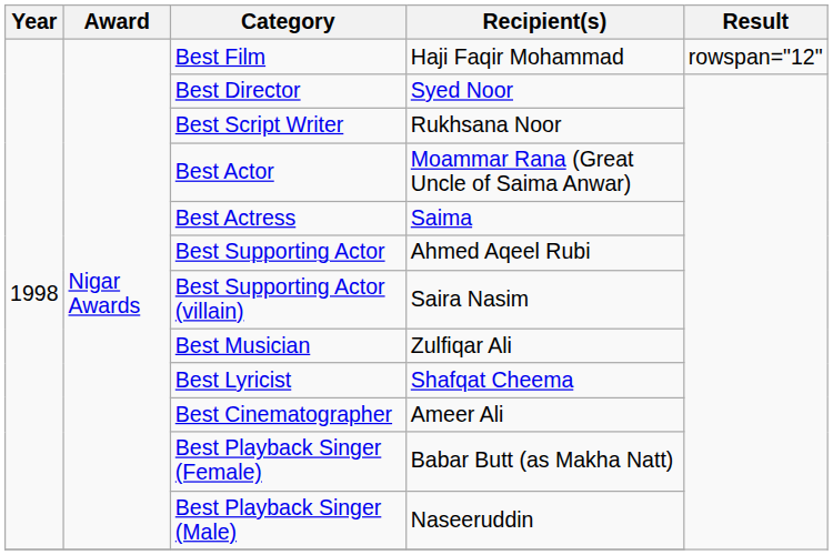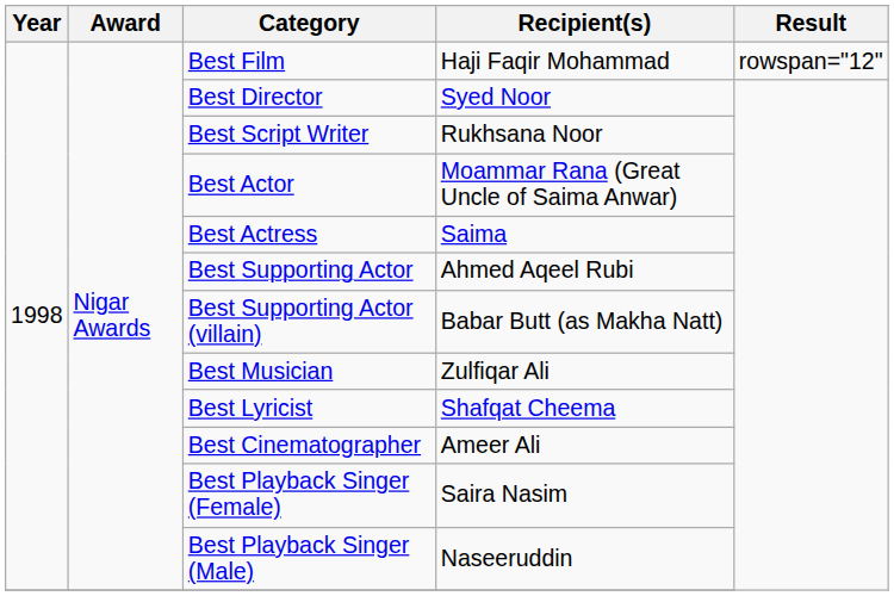 <table class="wikitable sortable">
 <tr>
 <th>Year</th>
 <th>Award</th>
 <th>Category</th>
 <th>Recipient(s)</th>
 <th>Result</th>
 </tr>
 <tr>
 <td rowspan="12">1998</td>
 <td rowspan="12"><a href='#'>Nigar Awards</a></td>
 <td><a href='#'>Best Film</a></td>
 <td>Haji Faqir Mohammad</td>
 <td>rowspan="12" </td>
 </tr>
 <tr>
 <td><a href='#'>Best Director</a></td>
 <td><a href='#'>Syed Noor</a></td>
 </tr>
 <tr>
 <td><a href='#'>Best Script Writer</a></td>
 <td>Rukhsana Noor</td>
 </tr>
 <tr>
 <td><a href='#'>Best Actor</a></td>
 <td><a href='#'>Moammar Rana</a> (Great Uncle of Saima Anwar)</td>
 </tr>
 <tr>
 <td><a href='#'>Best Actress</a></td>
 <td><a href='#'>Saima</a></td>
 </tr>
 <tr>
 <td><a href='#'>Best Supporting Actor</a></td>
 <td>Ahmed Aqeel Rubi</td>
 </tr>
 <tr>
 <td><a href='#'>Best Supporting Actor (villain)</a></td>
-<td>Saira Nasim</td>
+<td>Babar Butt (as Makha Natt)</td>
 </tr>
 <tr>
 <td><a href='#'>Best Musician</a></td>
 <td>Zulfiqar Ali</td>
 </tr>
 <tr>
 <td><a href='#'>Best Lyricist</a></td>
 <td><a href='#'>Shafqat Cheema</a></td>
 </tr>
 <tr>
 <td><a href='#'>Best Cinematographer</a></td>
 <td>Ameer Ali</td>
 </tr>
 <tr>
 <td><a href='#'>Best Playback Singer (Female)</a></td>
-<td>Babar Butt (as Makha Natt)</td>
+<td>Saira Nasim</td>
 </tr>
 <tr>
 <td><a href='#'>Best Playback Singer (Male)</a></td>
 <td>Naseeruddin</td>
 </tr>
 <tr>
 </tr>
 </table>
